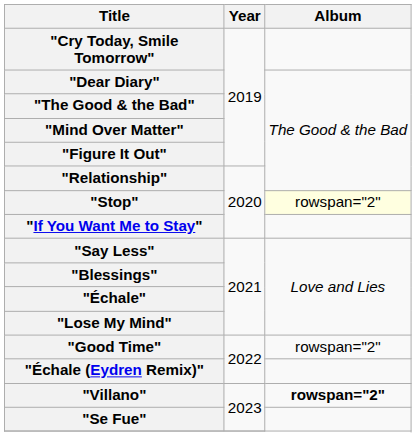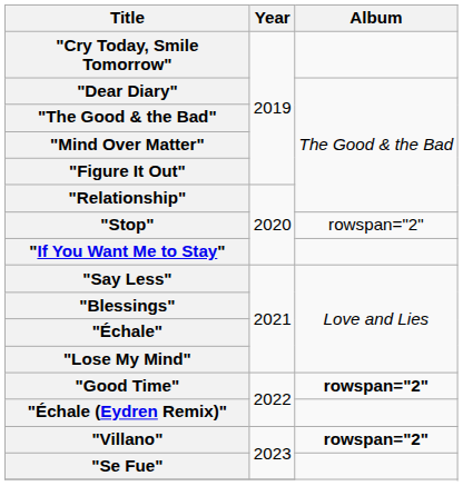 <table class="wikitable plainrowheaders" style="text-align:center;">
 <tr>
 <th scope="col" style="width:14em;">Title</th>
 <th scope="col" style="width:1em;">Year</th>
 <th scope="col">Album</th>
 </tr>
 <tr>
 <th scope="row">"Cry Today, Smile Tomorrow"</th>
 <td rowspan="5">2019</td>
 <td></td>
 </tr>
 <tr>
 <th scope="row">"Dear Diary"</th>
 <td rowspan="5"><em>The Good & the Bad</em></td>
 </tr>
 <tr>
 <th scope="row">"The Good & the Bad"</th>
 </tr>
 <tr>
 <th scope="row">"Mind Over Matter"</th>
 </tr>
 <tr>
 <th scope="row">"Figure It Out"</th>
 </tr>
 <tr>
 <th scope="row">"Relationship"</th>
 <td rowspan="3">2020</td>
 </tr>
 <tr>
 <th scope="row">"Stop"</th>
-<td style="background: lightyellow;">rowspan="2" </td>
+<td>rowspan="2" </td>
 </tr>
 <tr>
 <th scope="row">"<a href='#'>If You Want Me to Stay</a>" <br></th>
 </tr>
 <tr>
 <th scope="row">"Say Less"</th>
 <td rowspan="4">2021</td>
 <td rowspan="4"><em>Love and Lies</em></td>
 </tr>
 <tr>
 <th scope="row">"Blessings"</th>
 </tr>
 <tr>
 <th scope="row">"Échale"</th>
 </tr>
 <tr>
 <th scope="row">"Lose My Mind"</th>
 </tr>
 <tr>
 <th scope="row">"Good Time"</th>
 <td rowspan="2">2022</td>
-<td>rowspan="2" </td>
+<td><strong>rowspan="2" </strong></td>
 </tr>
 <tr>
 <th scope="row">"Échale (<a href='#'>Eydren</a> Remix)"</th>
 </tr>
 <tr>
 <th scope="row">"Villano"</th>
 <td rowspan="2">2023</td>
 <td><strong>rowspan="2" </strong></td>
 </tr>
 <tr>
 <th scope="row">"Se Fue"</th>
 </tr>
 <tr>
 </tr>
 </table>
